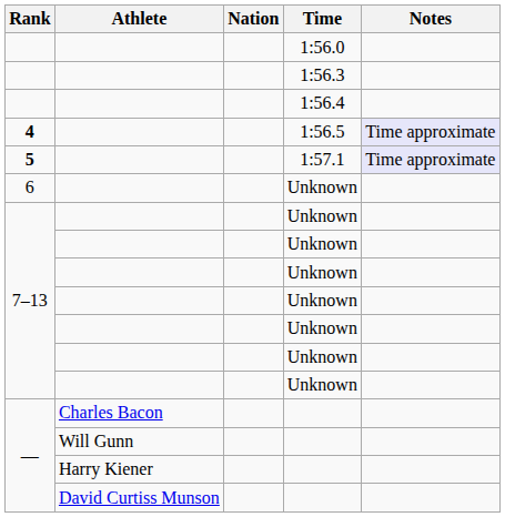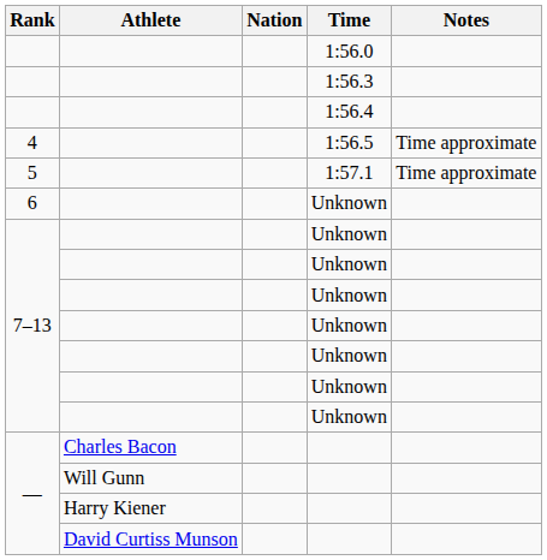 <table class="wikitable sortable" style="text-align:center">
 <tr>
 <th>Rank</th>
 <th>Athlete</th>
 <th>Nation</th>
 <th>Time</th>
 <th>Notes</th>
 </tr>
 <tr>
 <td></td>
 <td align=left></td>
 <td align=left></td>
 <td>1:56.0</td>
 <td></td>
 </tr>
 <tr>
 <td></td>
 <td align=left></td>
 <td align=left></td>
 <td>1:56.3</td>
 <td></td>
 </tr>
 <tr>
 <td></td>
 <td align=left></td>
 <td align=left></td>
 <td>1:56.4</td>
 <td></td>
 </tr>
 <tr>
-<td><strong>4</strong></td>
+<td>4</td>
 <td align=left></td>
 <td align=left></td>
 <td>1:56.5</td>
-<td style="background: lavender;">Time approximate</td>
+<td>Time approximate</td>
 </tr>
 <tr>
-<td><strong>5</strong></td>
+<td>5</td>
 <td align=left></td>
 <td align=left></td>
 <td>1:57.1</td>
-<td style="background: lavender;">Time approximate</td>
+<td>Time approximate</td>
 </tr>
 <tr>
 <td>6</td>
 <td align=left></td>
 <td align=left></td>
 <td data-sort-value=4:00.0>Unknown</td>
 <td></td>
 </tr>
 <tr>
 <td rowspan=7 data-sort-value=7>7–13</td>
 <td align=left></td>
 <td align=left></td>
 <td data-sort-value=5:00.0>Unknown</td>
 <td></td>
 </tr>
 <tr>
 <td align=left></td>
 <td align=left></td>
 <td data-sort-value=5:00.0>Unknown</td>
 <td></td>
 </tr>
 <tr>
 <td align=left></td>
 <td align=left></td>
 <td data-sort-value=5:00.0>Unknown</td>
 <td></td>
 </tr>
 <tr>
 <td align=left></td>
 <td align=left></td>
 <td data-sort-value=5:00.0>Unknown</td>
 <td></td>
 </tr>
 <tr>
 <td align=left></td>
 <td align=left></td>
 <td data-sort-value=5:00.0>Unknown</td>
 <td></td>
 </tr>
 <tr>
 <td align=left></td>
 <td align=left></td>
 <td data-sort-value=5:00.0>Unknown</td>
 <td></td>
 </tr>
 <tr>
 <td align=left></td>
 <td align=left></td>
 <td data-sort-value=5:00.0>Unknown</td>
 <td></td>
 </tr>
 <tr>
 <td rowspan=4 data-sort-value=14>—</td>
 <td align=left data-sort-value=Bacon><a href='#'>Charles Bacon</a></td>
 <td align=left></td>
 <td data-sort-value=9:00.0></td>
 <td></td>
 </tr>
 <tr>
 <td align=left data-sort-value=Gunn>Will Gunn</td>
 <td align=left></td>
 <td data-sort-value=9:00.0></td>
 <td></td>
 </tr>
 <tr>
 <td align=left data-sort-value=Kiener>Harry Kiener</td>
 <td align=left></td>
 <td data-sort-value=9:00.0></td>
 <td></td>
 </tr>
 <tr>
 <td align=left data-sort-value=Munson><a href='#'>David Curtiss Munson</a></td>
 <td align=left></td>
 <td data-sort-value=9:00.0></td>
 <td></td>
 </tr>
 </table>
